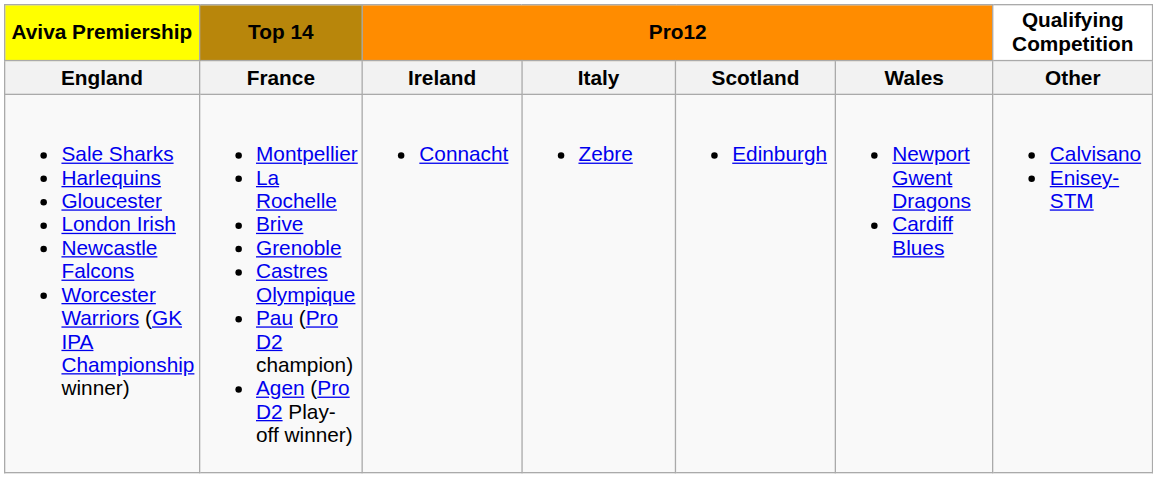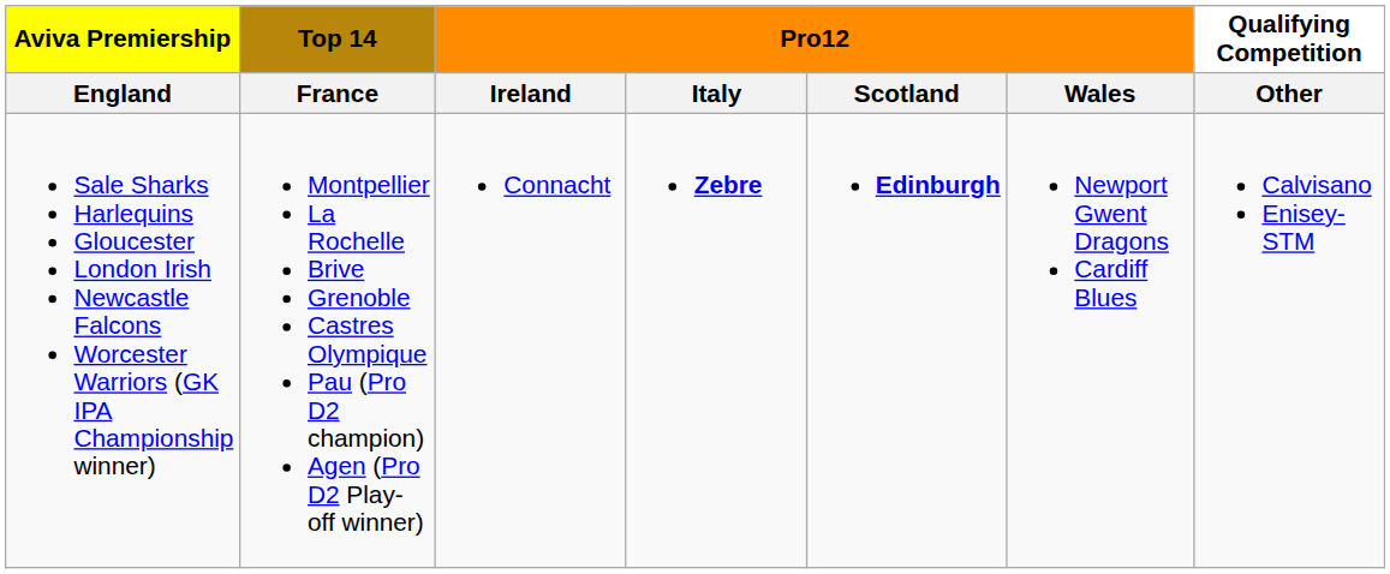 <table class="wikitable" style="width:100%;">
 <tr>
 <th style="background: #ffff00;">Aviva Premiership</th>
 <th style="background: #b8860b;">Top 14</th>
 <th colspan="4" style="background: #ff8c00;">Pro12</th>
 <th style="background: #ffffff;">Qualifying Competition</th>
 </tr>
 <tr>
 <th width=14%> England</th>
 <th width=14%> France</th>
 <th width=14%> Ireland</th>
 <th width=14%> Italy</th>
 <th width=14%> Scotland</th>
 <th width=14%> Wales</th>
 <th width=14%> Other<br></th>
 </tr>
 <tr valign=top>
 <td><br><ul><li><a href='#'>Sale Sharks</a></li><li><a href='#'>Harlequins</a></li><li><a href='#'>Gloucester</a></li><li><a href='#'>London Irish</a></li><li><a href='#'>Newcastle Falcons</a></li><li><a href='#'>Worcester Warriors</a> (<a href='#'>GK IPA Championship</a> winner)</li></ul></td>
 <td><br><ul><li><a href='#'>Montpellier</a></li><li><a href='#'>La Rochelle</a></li><li><a href='#'>Brive</a></li><li><a href='#'>Grenoble</a></li><li><a href='#'>Castres Olympique</a></li><li><a href='#'>Pau</a> (<a href='#'>Pro D2</a> champion)</li><li><a href='#'>Agen</a> (<a href='#'>Pro D2</a> Play-off winner)</li></ul></td>
 <td><br><ul><li><a href='#'>Connacht</a></li></ul></td>
-<td><br><ul><li><a href='#'>Zebre</a></li></ul></td>
-<td><br><ul><li><a href='#'>Edinburgh</a></li></ul></td>
+<td><strong><br><ul><li><a href='#'>Zebre</a></li></ul></strong></td>
+<td><strong><br><ul><li><a href='#'>Edinburgh</a></li></ul></strong></td>
 <td><br><ul><li><a href='#'>Newport Gwent Dragons</a></li><li><a href='#'>Cardiff Blues</a></li></ul></td>
 <td><br><ul><li> <a href='#'>Calvisano</a></li><li> <a href='#'>Enisey-STM</a></li></ul></td>
 </tr>
 </table>
